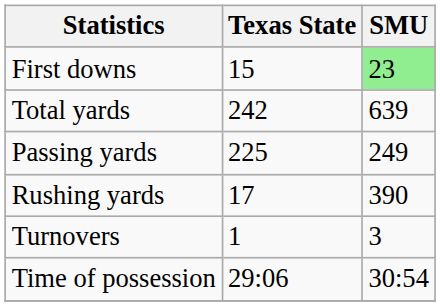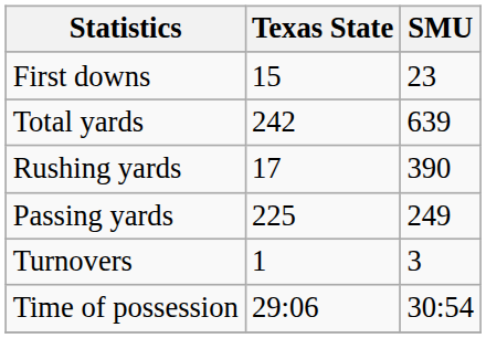 <table class="wikitable" style="float: right;">
 <tr>
 <th>Statistics</th>
 <th>Texas State</th>
 <th>SMU</th>
 </tr>
 <tr>
 <td>First downs</td>
 <td>15</td>
-<td style="background: lightgreen;">23</td>
+<td>23</td>
 </tr>
 <tr>
 <td>Total yards</td>
 <td>242</td>
 <td>639</td>
 </tr>
 <tr>
+<td>Rushing yards</td>
+<td>17</td>
+<td>390</td>
+</tr>
+<tr>
 <td>Passing yards</td>
 <td>225</td>
 <td>249</td>
-</tr>
-<tr>
-<td>Rushing yards</td>
-<td>17</td>
-<td>390</td>
 </tr>
 <tr>
 <td>Turnovers</td>
 <td>1</td>
 <td>3</td>
 </tr>
 <tr>
 <td>Time of possession</td>
 <td>29:06</td>
 <td>30:54</td>
 </tr>
 <tr>
 </tr>
 </table>
